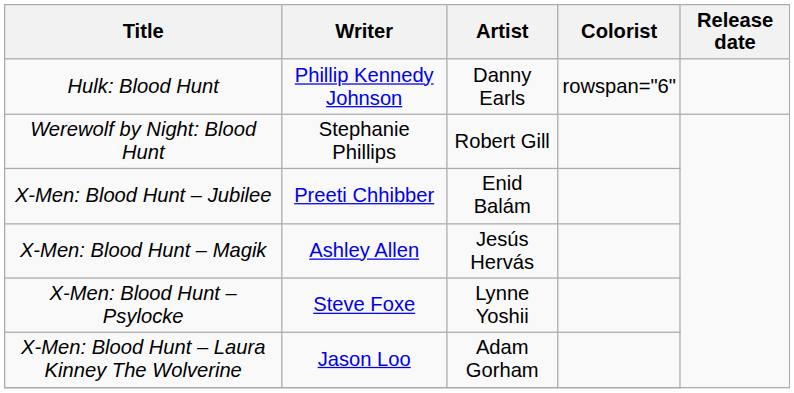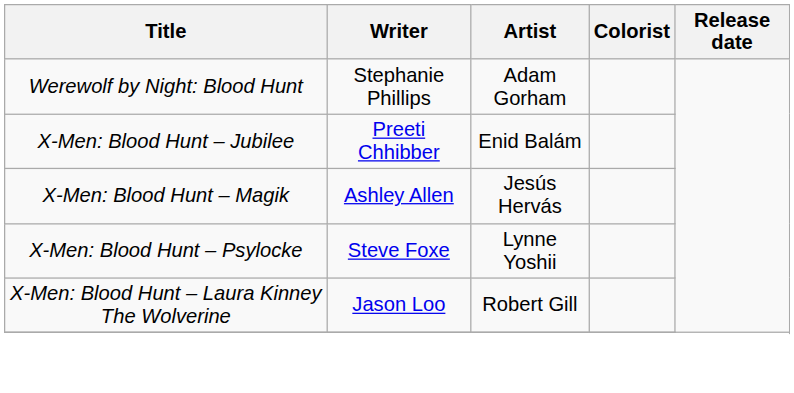 <table class="wikitable" style="text-align:center; width:100%">
 <tr>
 <th scope="col">Title</th>
 <th scope="col">Writer</th>
 <th scope="col">Artist</th>
 <th scope="col">Colorist</th>
 <th scope="col">Release date</th>
 </tr>
 <tr>
-<td><em>Hulk: Blood Hunt</em></td>
-<td><a href='#'>Phillip Kennedy Johnson</a></td>
-<td>Danny Earls</td>
-<td>rowspan="6" </td>
-<td></td>
-</tr>
-<tr>
 <td><em>Werewolf by Night: Blood Hunt</em></td>
 <td>Stephanie Phillips</td>
-<td>Robert Gill</td>
+<td>Adam Gorham</td>
 <td></td>
 </tr>
 <tr>
 <td><em>X-Men: Blood Hunt – Jubilee</em></td>
 <td><a href='#'>Preeti Chhibber</a></td>
 <td>Enid Balám</td>
 <td></td>
 </tr>
 <tr>
 <td><em>X-Men: Blood Hunt – Magik</em></td>
 <td><a href='#'>Ashley Allen</a></td>
 <td>Jesús Hervás</td>
 <td></td>
 </tr>
 <tr>
 <td><em>X-Men: Blood Hunt – Psylocke</em></td>
 <td><a href='#'>Steve Foxe</a></td>
 <td>Lynne Yoshii</td>
 <td></td>
 </tr>
 <tr>
 <td><em>X-Men: Blood Hunt – Laura Kinney The Wolverine</em></td>
 <td><a href='#'>Jason Loo</a></td>
-<td>Adam Gorham</td>
+<td>Robert Gill</td>
 <td></td>
 </tr>
 <tr>
 </tr>
 </table>
